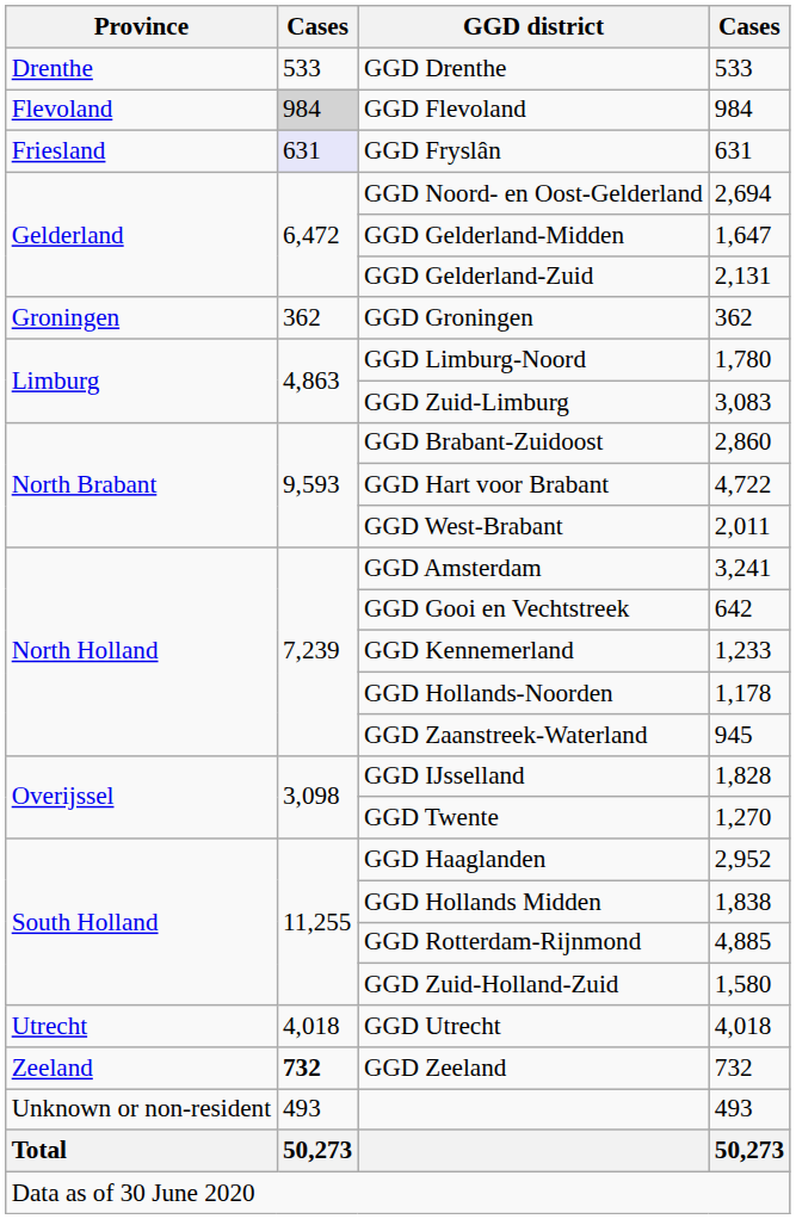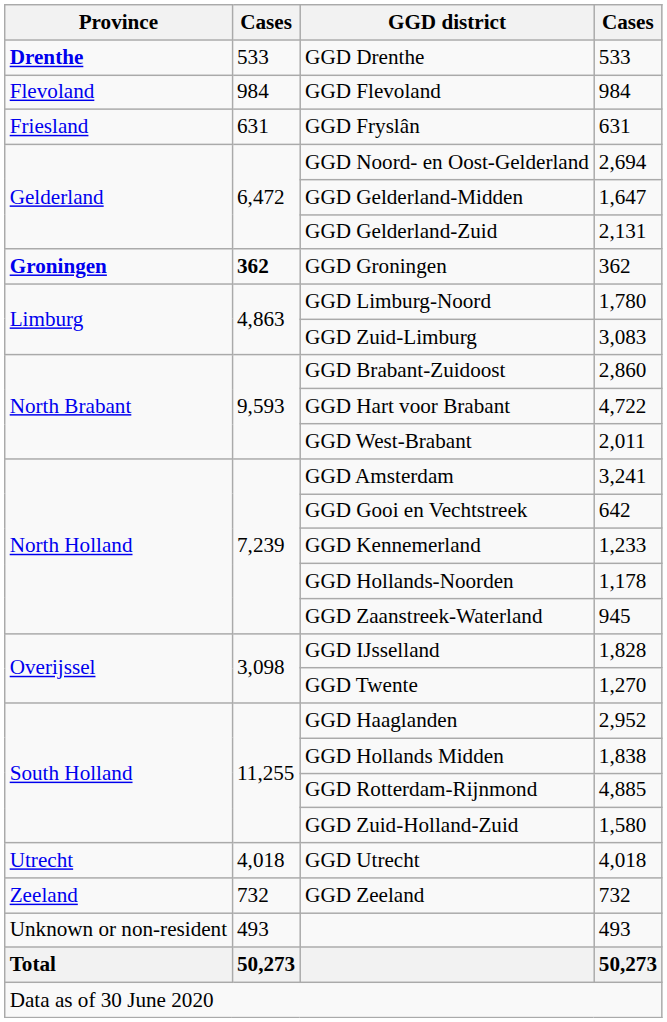 <table class="wikitable" style="font-size:90%">
 <tr>
 <th>Province</th>
 <th>Cases</th>
 <th>GGD district</th>
 <th>Cases</th>
 </tr>
 <tr>
-<td><a href='#'>Drenthe</a></td>
+<td><strong><a href='#'>Drenthe</a></strong></td>
 <td>533</td>
 <td>GGD Drenthe</td>
 <td>533</td>
 </tr>
 <tr>
 <td><a href='#'>Flevoland</a></td>
-<td style="background: lightgrey;">984</td>
+<td>984</td>
 <td>GGD Flevoland</td>
 <td>984</td>
 </tr>
 <tr>
 <td><a href='#'>Friesland</a></td>
-<td style="background: lavender;">631</td>
+<td>631</td>
 <td>GGD Fryslân</td>
 <td>631</td>
 </tr>
 <tr>
 <td rowspan="3"><a href='#'>Gelderland</a></td>
 <td rowspan="3">6,472</td>
 <td>GGD Noord- en Oost-Gelderland</td>
 <td>2,694</td>
 </tr>
 <tr>
 <td>GGD Gelderland-Midden</td>
 <td>1,647</td>
 </tr>
 <tr>
 <td>GGD Gelderland-Zuid</td>
 <td>2,131</td>
 </tr>
 <tr>
-<td><a href='#'>Groningen</a></td>
-<td>362</td>
+<td><strong><a href='#'>Groningen</a></strong></td>
+<td><strong>362</strong></td>
 <td>GGD Groningen</td>
 <td>362</td>
 </tr>
 <tr>
 <td rowspan="2"><a href='#'>Limburg</a></td>
 <td rowspan="2">4,863</td>
 <td>GGD Limburg-Noord</td>
 <td>1,780</td>
 </tr>
 <tr>
 <td>GGD Zuid-Limburg</td>
 <td>3,083</td>
 </tr>
 <tr>
 <td rowspan="3"><a href='#'>North Brabant</a></td>
 <td rowspan="3">9,593</td>
 <td>GGD Brabant-Zuidoost</td>
 <td>2,860</td>
 </tr>
 <tr>
 <td>GGD Hart voor Brabant</td>
 <td>4,722</td>
 </tr>
 <tr>
 <td>GGD West-Brabant</td>
 <td>2,011</td>
 </tr>
 <tr>
 <td rowspan="5"><a href='#'>North Holland</a></td>
 <td rowspan="5">7,239</td>
 <td>GGD Amsterdam</td>
 <td>3,241</td>
 </tr>
 <tr>
 <td>GGD Gooi en Vechtstreek</td>
 <td>642</td>
 </tr>
 <tr>
 <td>GGD Kennemerland</td>
 <td>1,233</td>
 </tr>
 <tr>
 <td>GGD Hollands-Noorden</td>
 <td>1,178</td>
 </tr>
 <tr>
 <td>GGD Zaanstreek-Waterland</td>
 <td>945</td>
 </tr>
 <tr>
 <td rowspan="2"><a href='#'>Overijssel</a></td>
 <td rowspan="2">3,098</td>
 <td>GGD IJsselland</td>
 <td>1,828</td>
 </tr>
 <tr>
 <td>GGD Twente</td>
 <td>1,270</td>
 </tr>
 <tr>
 <td rowspan="4"><a href='#'>South Holland</a></td>
 <td rowspan="4">11,255</td>
 <td>GGD Haaglanden</td>
 <td>2,952</td>
 </tr>
 <tr>
 <td>GGD Hollands Midden</td>
 <td>1,838</td>
 </tr>
 <tr>
 <td>GGD Rotterdam-Rijnmond</td>
 <td>4,885</td>
 </tr>
 <tr>
 <td>GGD Zuid-Holland-Zuid</td>
 <td>1,580</td>
 </tr>
 <tr>
 <td><a href='#'>Utrecht</a></td>
 <td>4,018</td>
 <td>GGD Utrecht</td>
 <td>4,018</td>
 </tr>
 <tr>
 <td><a href='#'>Zeeland</a></td>
-<td><strong>732</strong></td>
+<td>732</td>
 <td>GGD Zeeland</td>
 <td>732</td>
 </tr>
 <tr>
 <td>Unknown or non-resident</td>
 <td>493</td>
 <td></td>
 <td>493</td>
 </tr>
 <tr>
 <th style="text-align:left;">Total</th>
 <th style="text-align:left;">50,273</th>
 <th style="text-align:left;"></th>
 <th style="text-align:left;">50,273</th>
 </tr>
 <tr>
 <td style="text-align:left" colspan="4">Data as of 30 June 2020</td>
 </tr>
 </table>
